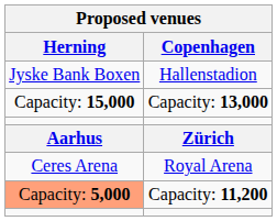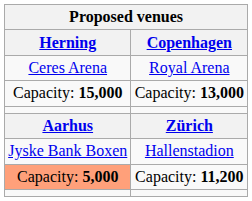 <table class="wikitable" style="text-align:center">
 <tr>
 <th colspan="2"><strong>Proposed venues</strong></th>
 </tr>
 <tr>
 <th> <a href='#'>Herning</a></th>
 <th> <a href='#'>Copenhagen</a></th>
 </tr>
 <tr>
-<td><a href='#'>Jyske Bank Boxen</a></td>
-<td><a href='#'>Hallenstadion</a></td>
+<td><a href='#'>Ceres Arena</a></td>
+<td><a href='#'>Royal Arena</a></td>
 </tr>
 <tr>
 <td>Capacity: <strong>15,000</strong></td>
 <td>Capacity: <strong>13,000</strong></td>
 </tr>
 <tr>
 <td></td>
 <td></td>
 </tr>
 <tr>
 <th> <a href='#'>Aarhus</a></th>
 <th> <a href='#'>Zürich</a></th>
 </tr>
 <tr>
-<td><a href='#'>Ceres Arena</a></td>
-<td><a href='#'>Royal Arena</a></td>
+<td><a href='#'>Jyske Bank Boxen</a></td>
+<td><a href='#'>Hallenstadion</a></td>
 </tr>
 <tr>
 <td style="background: lightsalmon;">Capacity: <strong>5,000</strong></td>
 <td>Capacity: <strong>11,200</strong></td>
 </tr>
 <tr>
 <td></td>
 <td></td>
 </tr>
 </table>
